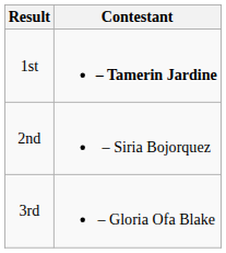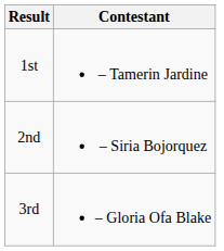 <table class="wikitable" style="text-align:center;">
 <tr>
 <th>Result</th>
 <th>Contestant</th>
 </tr>
 <tr>
 <td>1st</td>
-<td><strong><br><ul><li> – Tamerin Jardine</li></ul></strong></td>
+<td><br><ul><li> – Tamerin Jardine</li></ul></td>
 </tr>
 <tr>
 <td>2nd</td>
 <td><br><ul><li> – Siria Bojorquez</li></ul></td>
 </tr>
 <tr>
 <td>3rd</td>
 <td><br><ul><li> – Gloria Ofa Blake</li></ul></td>
 </tr>
 </table>
